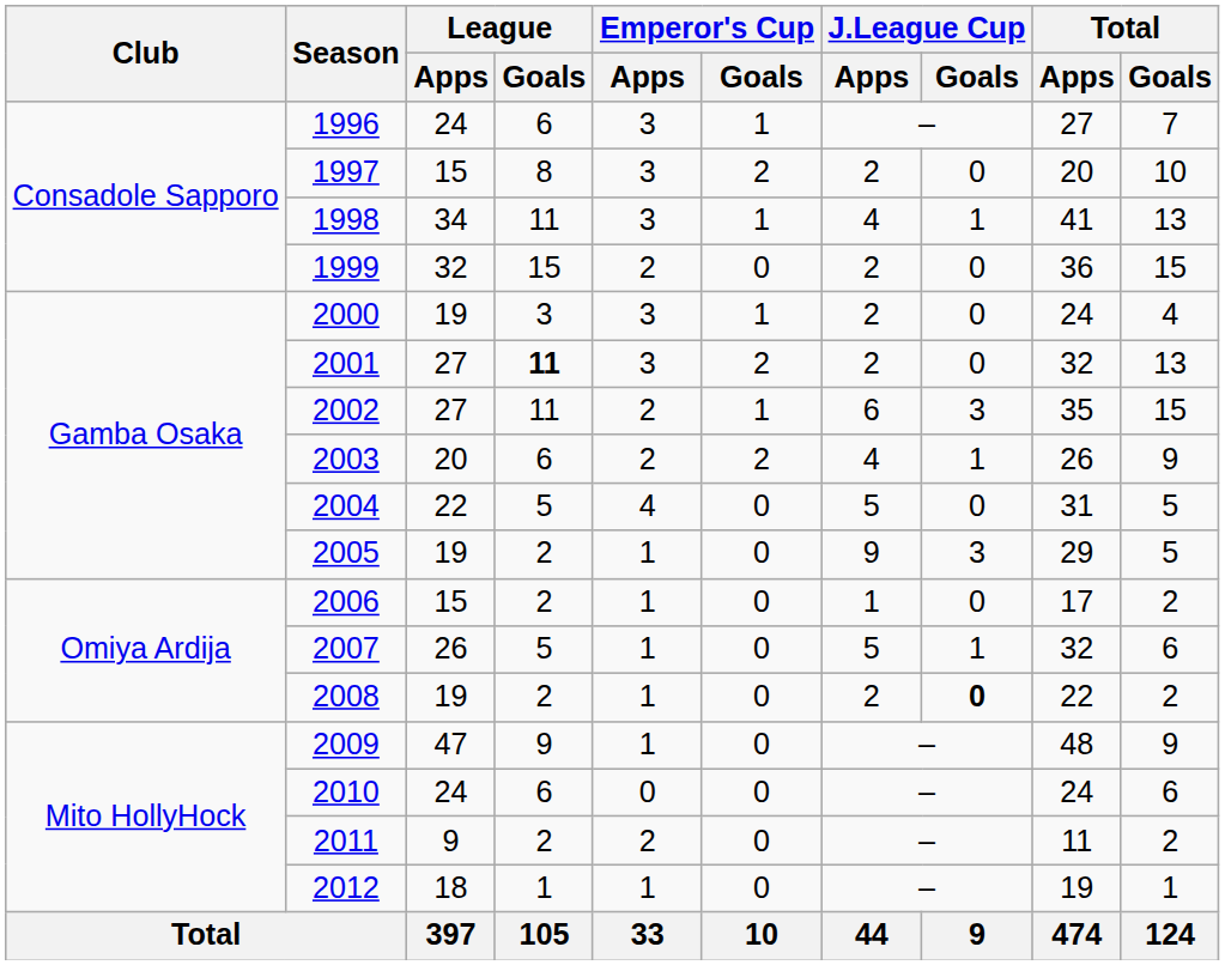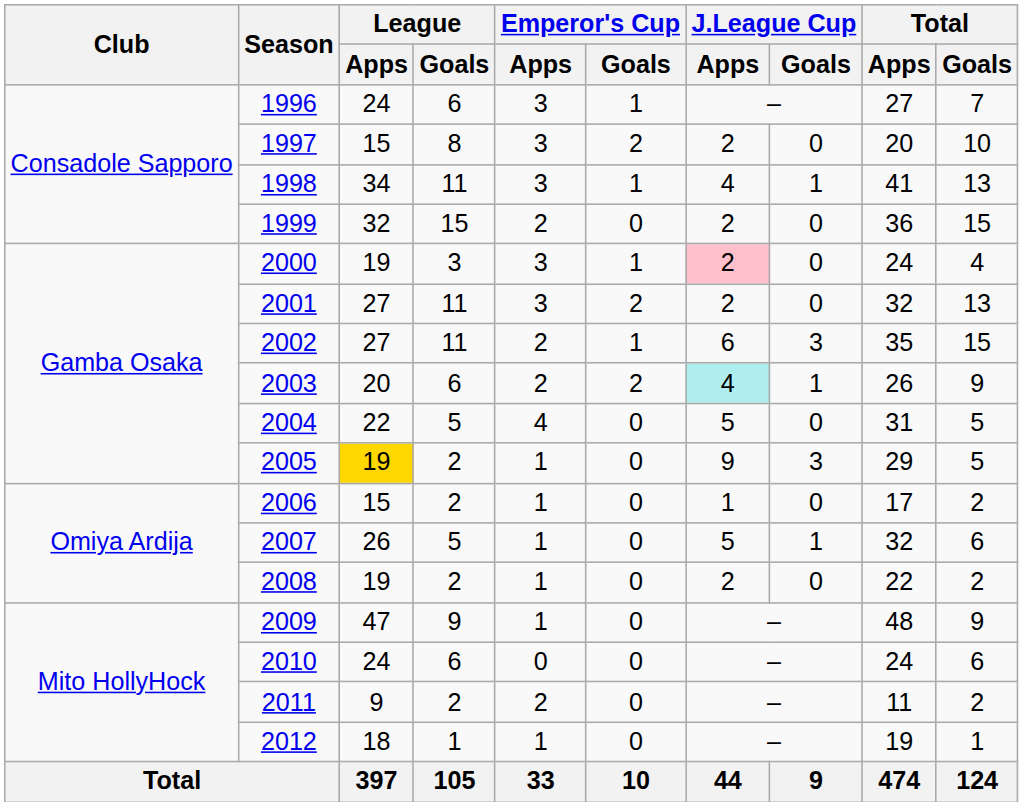 <table class="wikitable" style="text-align:center;">
 <tr>
 <th rowspan=2>Club</th>
 <th rowspan=2>Season</th>
 <th colspan=2>League</th>
 <th colspan=2><a href='#'>Emperor's Cup</a></th>
 <th colspan=2><a href='#'>J.League Cup</a></th>
 <th colspan=2>Total</th>
 </tr>
 <tr>
 <th>Apps</th>
 <th>Goals</th>
 <th>Apps</th>
 <th>Goals</th>
 <th>Apps</th>
 <th>Goals</th>
 <th>Apps</th>
 <th>Goals</th>
 </tr>
 <tr>
 <td rowspan="4"><a href='#'>Consadole Sapporo</a></td>
 <td><a href='#'>1996</a></td>
 <td>24</td>
 <td>6</td>
 <td>3</td>
 <td>1</td>
 <td colspan="2">–</td>
 <td>27</td>
 <td>7</td>
 </tr>
 <tr>
 <td><a href='#'>1997</a></td>
 <td>15</td>
 <td>8</td>
 <td>3</td>
 <td>2</td>
 <td>2</td>
 <td>0</td>
 <td>20</td>
 <td>10</td>
 </tr>
 <tr>
 <td><a href='#'>1998</a></td>
 <td>34</td>
 <td>11</td>
 <td>3</td>
 <td>1</td>
 <td>4</td>
 <td>1</td>
 <td>41</td>
 <td>13</td>
 </tr>
 <tr>
 <td><a href='#'>1999</a></td>
 <td>32</td>
 <td>15</td>
 <td>2</td>
 <td>0</td>
 <td>2</td>
 <td>0</td>
 <td>36</td>
 <td>15</td>
 </tr>
 <tr>
 <td rowspan="6"><a href='#'>Gamba Osaka</a></td>
 <td><a href='#'>2000</a></td>
 <td>19</td>
 <td>3</td>
 <td>3</td>
 <td>1</td>
-<td>2</td>
+<td style="background: pink;">2</td>
 <td>0</td>
 <td>24</td>
 <td>4</td>
 </tr>
 <tr>
 <td><a href='#'>2001</a></td>
 <td>27</td>
-<td><strong>11</strong></td>
+<td>11</td>
 <td>3</td>
 <td>2</td>
 <td>2</td>
 <td>0</td>
 <td>32</td>
 <td>13</td>
 </tr>
 <tr>
 <td><a href='#'>2002</a></td>
 <td>27</td>
 <td>11</td>
 <td>2</td>
 <td>1</td>
 <td>6</td>
 <td>3</td>
 <td>35</td>
 <td>15</td>
 </tr>
 <tr>
 <td><a href='#'>2003</a></td>
 <td>20</td>
 <td>6</td>
 <td>2</td>
 <td>2</td>
-<td>4</td>
+<td style="background: paleturquoise;">4</td>
 <td>1</td>
 <td>26</td>
 <td>9</td>
 </tr>
 <tr>
 <td><a href='#'>2004</a></td>
 <td>22</td>
 <td>5</td>
 <td>4</td>
 <td>0</td>
 <td>5</td>
 <td>0</td>
 <td>31</td>
 <td>5</td>
 </tr>
 <tr>
 <td><a href='#'>2005</a></td>
-<td>19</td>
+<td style="background: gold;">19</td>
 <td>2</td>
 <td>1</td>
 <td>0</td>
 <td>9</td>
 <td>3</td>
 <td>29</td>
 <td>5</td>
 </tr>
 <tr>
 <td rowspan="3"><a href='#'>Omiya Ardija</a></td>
 <td><a href='#'>2006</a></td>
 <td>15</td>
 <td>2</td>
 <td>1</td>
 <td>0</td>
 <td>1</td>
 <td>0</td>
 <td>17</td>
 <td>2</td>
 </tr>
 <tr>
 <td><a href='#'>2007</a></td>
 <td>26</td>
 <td>5</td>
 <td>1</td>
 <td>0</td>
 <td>5</td>
 <td>1</td>
 <td>32</td>
 <td>6</td>
 </tr>
 <tr>
 <td><a href='#'>2008</a></td>
 <td>19</td>
 <td>2</td>
 <td>1</td>
 <td>0</td>
 <td>2</td>
-<td><strong>0</strong></td>
+<td>0</td>
 <td>22</td>
 <td>2</td>
 </tr>
 <tr>
 <td rowspan="4"><a href='#'>Mito HollyHock</a></td>
 <td><a href='#'>2009</a></td>
 <td>47</td>
 <td>9</td>
 <td>1</td>
 <td>0</td>
 <td colspan="2">–</td>
 <td>48</td>
 <td>9</td>
 </tr>
 <tr>
 <td><a href='#'>2010</a></td>
 <td>24</td>
 <td>6</td>
 <td>0</td>
 <td>0</td>
 <td colspan="2">–</td>
 <td>24</td>
 <td>6</td>
 </tr>
 <tr>
 <td><a href='#'>2011</a></td>
 <td>9</td>
 <td>2</td>
 <td>2</td>
 <td>0</td>
 <td colspan="2">–</td>
 <td>11</td>
 <td>2</td>
 </tr>
 <tr>
 <td><a href='#'>2012</a></td>
 <td>18</td>
 <td>1</td>
 <td>1</td>
 <td>0</td>
 <td colspan="2">–</td>
 <td>19</td>
 <td>1</td>
 </tr>
 <tr>
 <th colspan=2>Total</th>
 <th>397</th>
 <th>105</th>
 <th>33</th>
 <th>10</th>
 <th>44</th>
 <th>9</th>
 <th>474</th>
 <th>124</th>
 </tr>
 </table>
